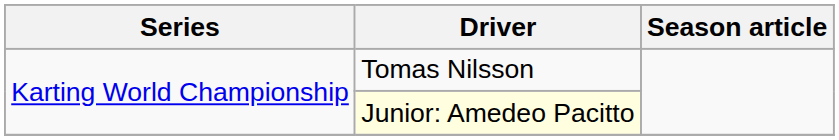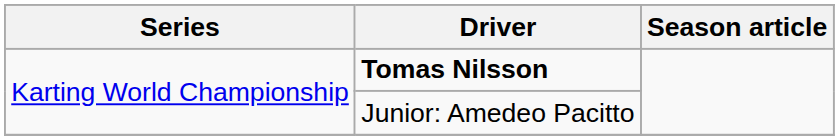 <table class="wikitable" style="font-size: 87%;">
 <tr>
 <th>Series</th>
 <th>Driver</th>
 <th>Season article</th>
 </tr>
 <tr>
 <td rowspan=2><a href='#'>Karting World Championship</a></td>
-<td> Tomas Nilsson</td>
+<td><strong> Tomas Nilsson</strong></td>
 <td rowspan=2></td>
 </tr>
 <tr>
-<td style="background: lightyellow;">Junior:  Amedeo Pacitto</td>
+<td>Junior:  Amedeo Pacitto</td>
 </tr>
 <tr>
 </tr>
 </table>
